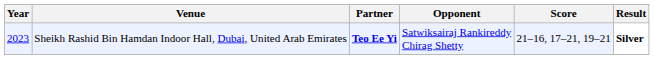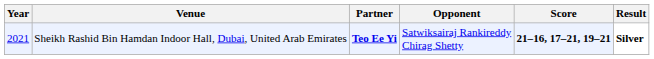 <table class="sortable wikitable" style="font-size: 90%">
 <tr>
 <th>Year</th>
 <th>Venue</th>
 <th>Partner</th>
 <th>Opponent</th>
 <th>Score</th>
 <th>Result</th>
 </tr>
 <tr style="background:#ECF2FF">
-<td align="center"><a href='#'>2023</a></td>
+<td align="center"><a href='#'>2021</a></td>
 <td align="left">Sheikh Rashid Bin Hamdan Indoor Hall, <a href='#'>Dubai</a>, United Arab Emirates</td>
 <td align="left"><strong> <a href='#'>Teo Ee Yi</a></strong></td>
 <td align="left"> <a href='#'>Satwiksairaj Rankireddy</a><br> <a href='#'>Chirag Shetty</a></td>
-<td align="left">21–16, 17–21, 19–21</td>
+<td align="left"><strong>21–16, 17–21, 19–21</strong></td>
 <td style="text-align:left; background:white"> <strong>Silver</strong></td>
 </tr>
 </table>
